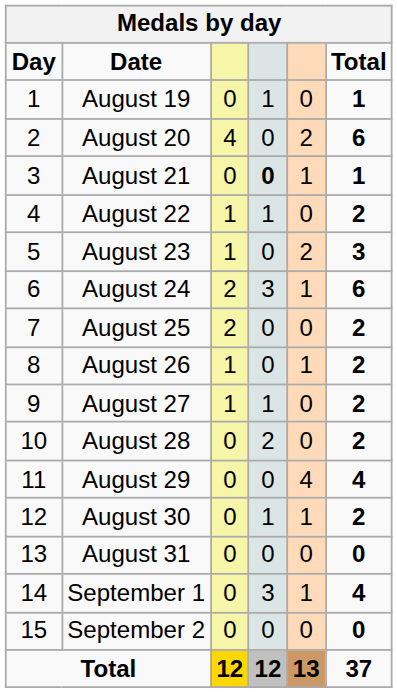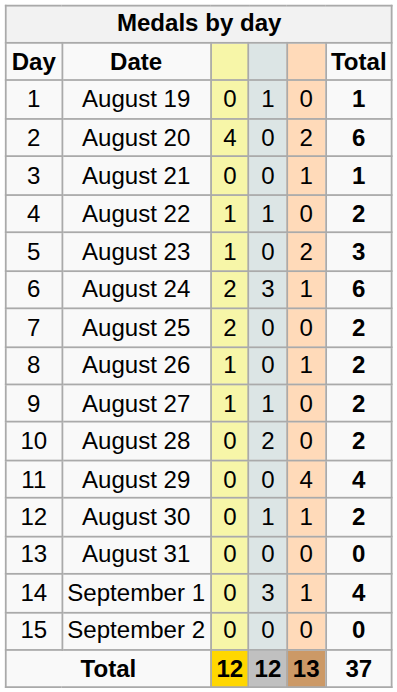 <table class=wikitable style="font-size:85%; float:right;text-align:center">
 <tr>
 <th colspan=7><strong>Medals by day</strong></th>
 </tr>
 <tr>
 <td><strong>Day</strong></td>
 <td><strong>Date</strong></td>
 <td bgcolor=F7F6A8></td>
 <td bgcolor=DCE5E5></td>
 <td bgcolor=FFDAB9></td>
 <td><strong>Total</strong></td>
 </tr>
 <tr>
 <td>1</td>
 <td>August 19</td>
 <td bgcolor=F7F6A8>0</td>
 <td bgcolor=DCE5E5>1</td>
 <td bgcolor=FFDAB9>0</td>
 <td><strong>1</strong></td>
 </tr>
 <tr>
 <td>2</td>
 <td>August 20</td>
 <td bgcolor=F7F6A8>4</td>
 <td bgcolor=DCE5E5>0</td>
 <td bgcolor=FFDAB9>2</td>
 <td><strong>6</strong></td>
 </tr>
 <tr>
 <td>3</td>
 <td>August 21</td>
 <td bgcolor=F7F6A8>0</td>
-<td bgcolor=DCE5E5><strong>0</strong></td>
+<td bgcolor=DCE5E5>0</td>
 <td bgcolor=FFDAB9>1</td>
 <td><strong>1</strong></td>
 </tr>
 <tr>
 <td>4</td>
 <td>August 22</td>
 <td bgcolor=F7F6A8>1</td>
 <td bgcolor=DCE5E5>1</td>
 <td bgcolor=FFDAB9>0</td>
 <td><strong>2</strong></td>
 </tr>
 <tr>
 <td>5</td>
 <td>August 23</td>
 <td bgcolor=F7F6A8>1</td>
 <td bgcolor=DCE5E5>0</td>
 <td bgcolor=FFDAB9>2</td>
 <td><strong>3</strong></td>
 </tr>
 <tr>
 <td>6</td>
 <td>August 24</td>
 <td bgcolor=F7F6A8>2</td>
 <td bgcolor=DCE5E5>3</td>
 <td bgcolor=FFDAB9>1</td>
 <td><strong>6</strong></td>
 </tr>
 <tr>
 <td>7</td>
 <td>August 25</td>
 <td bgcolor=F7F6A8>2</td>
 <td bgcolor=DCE5E5>0</td>
 <td bgcolor=FFDAB9>0</td>
 <td><strong>2</strong></td>
 </tr>
 <tr>
 <td>8</td>
 <td>August 26</td>
 <td bgcolor=F7F6A8>1</td>
 <td bgcolor=DCE5E5>0</td>
 <td bgcolor=FFDAB9>1</td>
 <td><strong>2</strong></td>
 </tr>
 <tr>
 <td>9</td>
 <td>August 27</td>
 <td bgcolor=F7F6A8>1</td>
 <td bgcolor=DCE5E5>1</td>
 <td bgcolor=FFDAB9>0</td>
 <td><strong>2</strong></td>
 </tr>
 <tr>
 <td>10</td>
 <td>August 28</td>
 <td bgcolor=F7F6A8>0</td>
 <td bgcolor=DCE5E5>2</td>
 <td bgcolor=FFDAB9>0</td>
 <td><strong>2</strong></td>
 </tr>
 <tr>
 <td>11</td>
 <td>August 29</td>
 <td bgcolor=F7F6A8>0</td>
 <td bgcolor=DCE5E5>0</td>
 <td bgcolor=FFDAB9>4</td>
 <td><strong>4</strong></td>
 </tr>
 <tr>
 <td>12</td>
 <td>August 30</td>
 <td bgcolor=F7F6A8>0</td>
 <td bgcolor=DCE5E5>1</td>
 <td bgcolor=FFDAB9>1</td>
 <td><strong>2</strong></td>
 </tr>
 <tr>
 <td>13</td>
 <td>August 31</td>
 <td bgcolor=F7F6A8>0</td>
 <td bgcolor=DCE5E5>0</td>
 <td bgcolor=FFDAB9>0</td>
 <td><strong>0</strong></td>
 </tr>
 <tr>
 <td>14</td>
 <td>September 1</td>
 <td bgcolor=F7F6A8>0</td>
 <td bgcolor=DCE5E5>3</td>
 <td bgcolor=FFDAB9>1</td>
 <td><strong>4</strong></td>
 </tr>
 <tr>
 <td>15</td>
 <td>September 2</td>
 <td bgcolor=F7F6A8>0</td>
 <td bgcolor=DCE5E5>0</td>
 <td bgcolor=FFDAB9>0</td>
 <td><strong>0</strong></td>
 </tr>
 <tr>
 <td colspan=2><strong>Total</strong></td>
 <td style="background:gold;"><strong>12</strong></td>
 <td style="background:silver;"><strong>12</strong></td>
 <td style="background:#c96;"><strong>13</strong></td>
 <td><strong>37</strong></td>
 </tr>
 </table>
